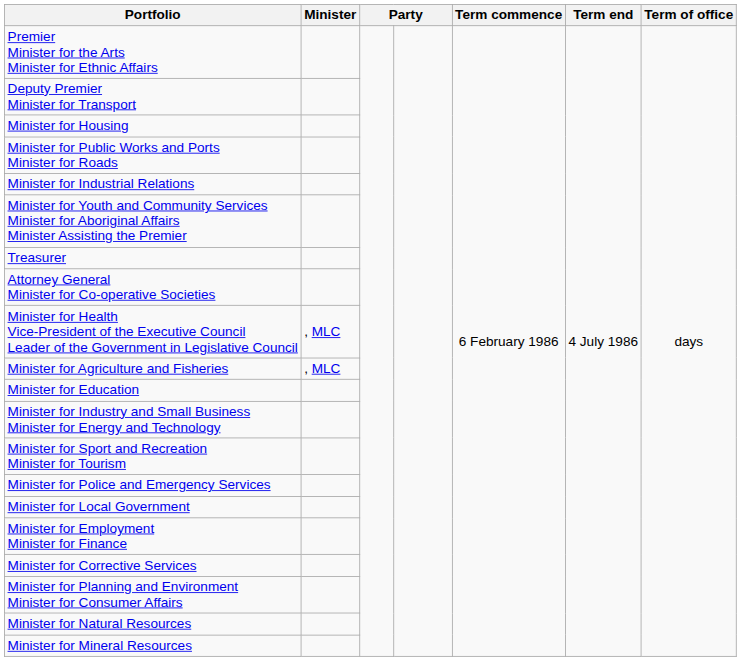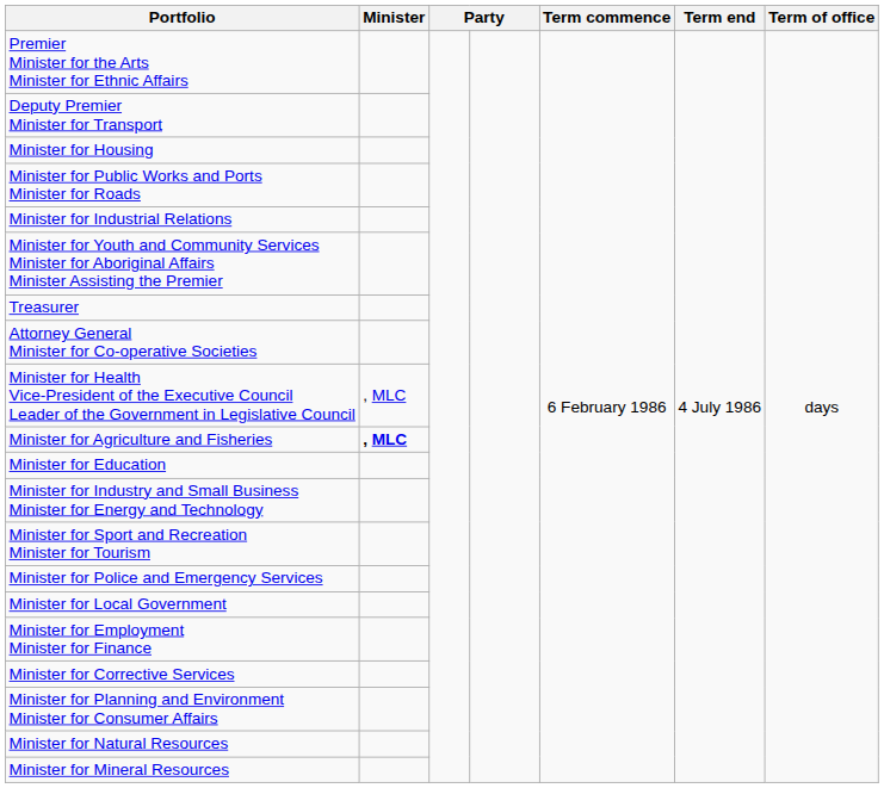 <table class="wikitable sortable">
 <tr>
 <th>Portfolio</th>
 <th>Minister</th>
 <th colspan=2>Party</th>
 <th>Term commence</th>
 <th>Term end</th>
 <th>Term of office</th>
 </tr>
 <tr>
 <td><a href='#'>Premier</a><br><a href='#'>Minister for the Arts</a><br><a href='#'>Minister for Ethnic Affairs</a></td>
 <td></td>
 <td rowspan=20 > </td>
 <td rowspan=20 width=8%></td>
 <td rowspan=20 align="center">6 February 1986</td>
 <td rowspan=20 align="center">4 July 1986</td>
 <td rowspan=20 align="center"> days</td>
 </tr>
 <tr>
 <td><a href='#'>Deputy Premier</a><br><a href='#'>Minister for Transport</a></td>
 <td></td>
 </tr>
 <tr>
 <td><a href='#'>Minister for Housing</a></td>
 <td></td>
 </tr>
 <tr>
 <td><a href='#'>Minister for Public Works and Ports</a><br><a href='#'>Minister for Roads</a></td>
 <td></td>
 </tr>
 <tr>
 <td><a href='#'>Minister for Industrial Relations</a></td>
 <td></td>
 </tr>
 <tr>
 <td><a href='#'>Minister for Youth and Community Services</a><br><a href='#'>Minister for Aboriginal Affairs</a><br><a href='#'>Minister Assisting the Premier</a></td>
 <td></td>
 </tr>
 <tr>
 <td><a href='#'>Treasurer</a></td>
 <td></td>
 </tr>
 <tr>
 <td><a href='#'>Attorney General</a><br><a href='#'>Minister for Co-operative Societies</a></td>
 <td></td>
 </tr>
 <tr>
 <td><a href='#'>Minister for Health</a><br><a href='#'>Vice-President of the Executive Council</a><br><a href='#'>Leader of the Government in Legislative Council</a></td>
 <td>, <a href='#'>MLC</a></td>
 </tr>
 <tr>
 <td><a href='#'>Minister for Agriculture and Fisheries</a></td>
-<td>, <a href='#'>MLC</a></td>
+<td><strong>, <a href='#'>MLC</a></strong></td>
 </tr>
 <tr>
 <td><a href='#'>Minister for Education</a></td>
 <td></td>
 </tr>
 <tr>
 <td><a href='#'>Minister for Industry and Small Business</a><br><a href='#'>Minister for Energy and Technology</a></td>
 <td></td>
 </tr>
 <tr>
 <td><a href='#'>Minister for Sport and Recreation</a><br><a href='#'>Minister for Tourism</a></td>
 <td></td>
 </tr>
 <tr>
 <td><a href='#'>Minister for Police and Emergency Services</a></td>
 <td></td>
 </tr>
 <tr>
 <td><a href='#'>Minister for Local Government</a></td>
 <td></td>
 </tr>
 <tr>
 <td><a href='#'>Minister for Employment</a><br><a href='#'>Minister for Finance</a></td>
 <td></td>
 </tr>
 <tr>
 <td><a href='#'>Minister for Corrective Services</a></td>
 <td></td>
 </tr>
 <tr>
 <td><a href='#'>Minister for Planning and Environment</a><br><a href='#'>Minister for Consumer Affairs</a></td>
 <td></td>
 </tr>
 <tr>
 <td><a href='#'>Minister for Natural Resources</a></td>
 <td></td>
 </tr>
 <tr>
 <td><a href='#'>Minister for Mineral Resources</a></td>
 <td></td>
 </tr>
 </table>
